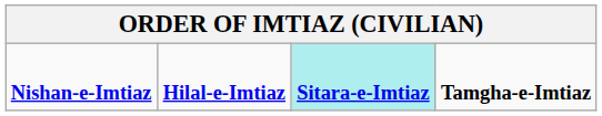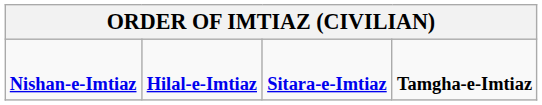 <table class="wikitable" style="margin: 1em auto;">
 <tr>
 <th colspan="4">ORDER OF IMTIAZ (CIVILIAN)</th>
 </tr>
 <tr align="center">
 <td><br><strong><small><a href='#'>Nishan-e-Imtiaz</a></small></strong></td>
 <td><br><strong><small><a href='#'>Hilal-e-Imtiaz</a></small></strong></td>
-<td style="background: paleturquoise;"><br><strong><small><a href='#'>Sitara-e-Imtiaz</a></small></strong></td>
+<td><br><strong><small><a href='#'>Sitara-e-Imtiaz</a></small></strong></td>
 <td><br><strong><small>Tamgha-e-Imtiaz</small></strong></td>
 </tr>
 </table>
